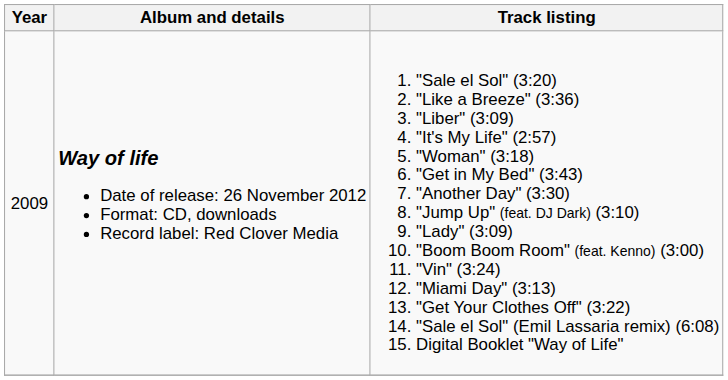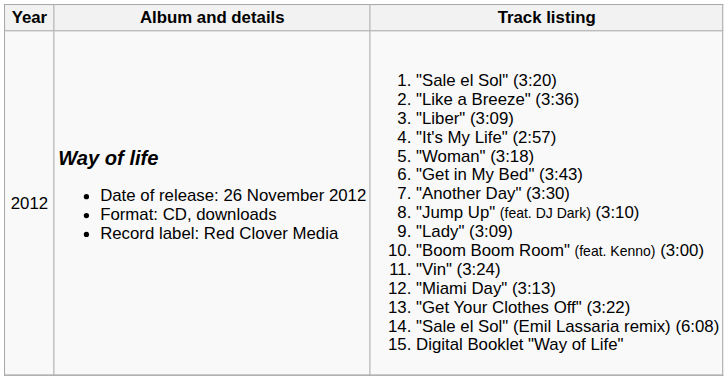 <table class="wikitable sortable">
 <tr>
 <th width="40">Year</th>
 <th>Album and details</th>
 <th>Track listing</th>
 </tr>
 <tr>
-<td align="center">2009</td>
+<td align="center">2012</td>
 <td><big><strong><em>Way of life</em></strong></big><br><ul><li>Date of release: 26 November 2012</li><li>Format: CD, downloads</li><li>Record label: Red Clover Media</li></ul></td>
 <td><br><ol><li>"Sale el Sol" (3:20)</li><li>"Like a Breeze" (3:36)</li><li>"Liber" (3:09)</li><li>"It's My Life" (2:57)</li><li>"Woman" (3:18)</li><li>"Get in My Bed" (3:43)</li><li>"Another Day" (3:30)</li><li>"Jump Up" <small>(feat. DJ Dark)</small> (3:10)</li><li>"Lady" (3:09)</li><li>"Boom Boom Room" <small>(feat. Kenno)</small> (3:00)</li><li>"Vin" (3:24)</li><li>"Miami Day" (3:13)</li><li>"Get Your Clothes Off" (3:22)</li><li>"Sale el Sol" (Emil Lassaria remix) (6:08)</li><li>Digital Booklet "Way of Life"</li></ol></td>
 </tr>
 <tr>
 </tr>
 </table>
